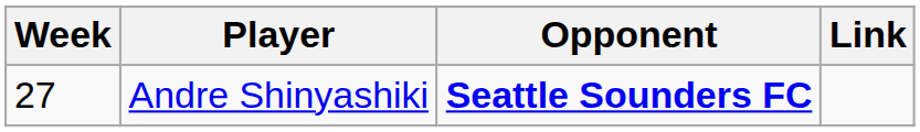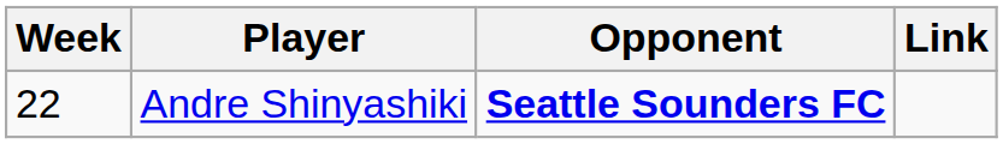 <table class=wikitable style="display:inline-table;">
 <tr>
 <th>Week</th>
 <th>Player</th>
 <th>Opponent</th>
 <th>Link</th>
 </tr>
 <tr>
-<td>27</td>
+<td>22</td>
 <td> <a href='#'>Andre Shinyashiki</a></td>
 <td><strong><a href='#'>Seattle Sounders FC</a></strong></td>
 <td></td>
 </tr>
 </table>
